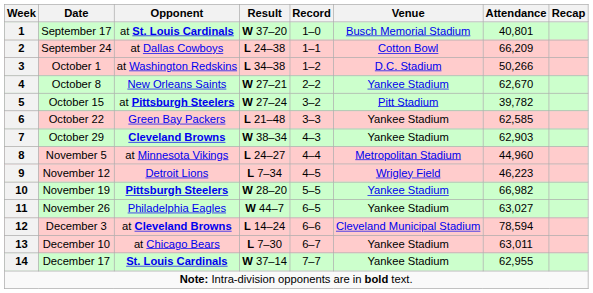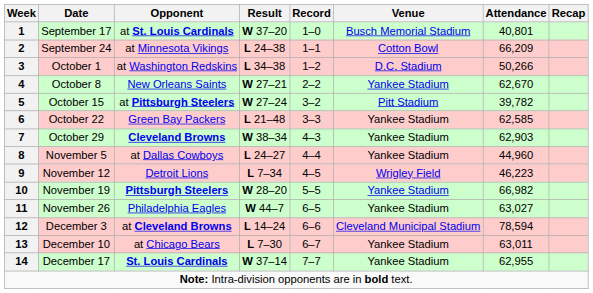 <table class="wikitable" style="text-align:center">
 <tr>
 <th>Week</th>
 <th>Date</th>
 <th>Opponent</th>
 <th>Result</th>
 <th>Record</th>
 <th>Venue</th>
 <th>Attendance</th>
 <th>Recap</th>
 </tr>
 <tr style="background:#cfc">
 <th>1</th>
 <td>September 17</td>
 <td>at <strong><a href='#'>St. Louis Cardinals</a></strong></td>
 <td><strong>W</strong> 37–20</td>
 <td>1–0</td>
 <td><a href='#'>Busch Memorial Stadium</a></td>
 <td>40,801</td>
 <td></td>
 </tr>
 <tr style="background:#fcc">
 <th>2</th>
 <td>September 24</td>
-<td>at <a href='#'>Dallas Cowboys</a></td>
+<td>at <a href='#'>Minnesota Vikings</a></td>
 <td><strong>L</strong> 24–38</td>
 <td>1–1</td>
 <td><a href='#'>Cotton Bowl</a></td>
 <td>66,209</td>
 <td></td>
 </tr>
 <tr style="background:#fcc">
 <th>3</th>
 <td>October 1</td>
 <td>at <a href='#'>Washington Redskins</a></td>
 <td><strong>L</strong> 34–38</td>
 <td>1–2</td>
 <td><a href='#'>D.C. Stadium</a></td>
 <td>50,266</td>
 <td></td>
 </tr>
 <tr style="background:#cfc">
 <th>4</th>
 <td>October 8</td>
 <td><a href='#'>New Orleans Saints</a></td>
 <td><strong>W</strong> 27–21</td>
 <td>2–2</td>
 <td><a href='#'>Yankee Stadium</a></td>
 <td>62,670</td>
 <td></td>
 </tr>
 <tr style="background:#cfc">
 <th>5</th>
 <td>October 15</td>
 <td>at <strong><a href='#'>Pittsburgh Steelers</a></strong></td>
 <td><strong>W</strong> 27–24</td>
 <td>3–2</td>
 <td><a href='#'>Pitt Stadium</a></td>
 <td>39,782</td>
 <td></td>
 </tr>
 <tr style="background:#fcc">
 <th>6</th>
 <td>October 22</td>
 <td><a href='#'>Green Bay Packers</a></td>
 <td><strong>L</strong> 21–48</td>
 <td>3–3</td>
 <td>Yankee Stadium</td>
 <td>62,585</td>
 <td></td>
 </tr>
 <tr style="background:#cfc">
 <th>7</th>
 <td>October 29</td>
 <td><strong><a href='#'>Cleveland Browns</a></strong></td>
 <td><strong>W</strong> 38–34</td>
 <td>4–3</td>
 <td>Yankee Stadium</td>
 <td>62,903</td>
 <td></td>
 </tr>
 <tr style="background:#fcc">
 <th>8</th>
 <td>November 5</td>
-<td>at <a href='#'>Minnesota Vikings</a></td>
+<td>at <a href='#'>Dallas Cowboys</a></td>
 <td><strong>L</strong> 24–27</td>
 <td>4–4</td>
-<td><a href='#'>Metropolitan Stadium</a></td>
+<td>Yankee Stadium</td>
 <td>44,960</td>
 <td></td>
 </tr>
 <tr style="background:#fcc">
 <th>9</th>
 <td>November 12</td>
 <td><a href='#'>Detroit Lions</a></td>
 <td><strong>L</strong> 7–34</td>
 <td>4–5</td>
 <td><a href='#'>Wrigley Field</a></td>
 <td>46,223</td>
 <td></td>
 </tr>
 <tr style="background:#cfc">
 <th>10</th>
 <td>November 19</td>
 <td><strong><a href='#'>Pittsburgh Steelers</a></strong></td>
 <td><strong>W</strong> 28–20</td>
 <td>5–5</td>
 <td><a href='#'>Yankee Stadium</a></td>
 <td>66,982</td>
 <td></td>
 </tr>
 <tr style="background:#cfc">
 <th>11</th>
 <td>November 26</td>
 <td><a href='#'>Philadelphia Eagles</a></td>
 <td><strong>W</strong> 44–7</td>
 <td>6–5</td>
 <td>Yankee Stadium</td>
 <td>63,027</td>
 <td></td>
 </tr>
 <tr style="background:#fcc">
 <th>12</th>
 <td>December 3</td>
 <td>at <strong><a href='#'>Cleveland Browns</a></strong></td>
 <td><strong>L</strong> 14–24</td>
 <td>6–6</td>
 <td><a href='#'>Cleveland Municipal Stadium</a></td>
 <td>78,594</td>
 <td></td>
 </tr>
 <tr style="background:#fcc">
 <th>13</th>
 <td>December 10</td>
 <td>at <a href='#'>Chicago Bears</a></td>
 <td><strong>L</strong> 7–30</td>
 <td>6–7</td>
 <td>Yankee Stadium</td>
 <td>63,011</td>
 <td></td>
 </tr>
 <tr style="background:#cfc">
 <th>14</th>
 <td>December 17</td>
 <td><strong><a href='#'>St. Louis Cardinals</a></strong></td>
 <td><strong>W</strong> 37–14</td>
 <td>7–7</td>
 <td>Yankee Stadium</td>
 <td>62,955</td>
 <td></td>
 </tr>
 <tr>
 <td colspan="8"><strong>Note:</strong> Intra-division opponents are in <strong>bold</strong> text.</td>
 </tr>
 </table>
